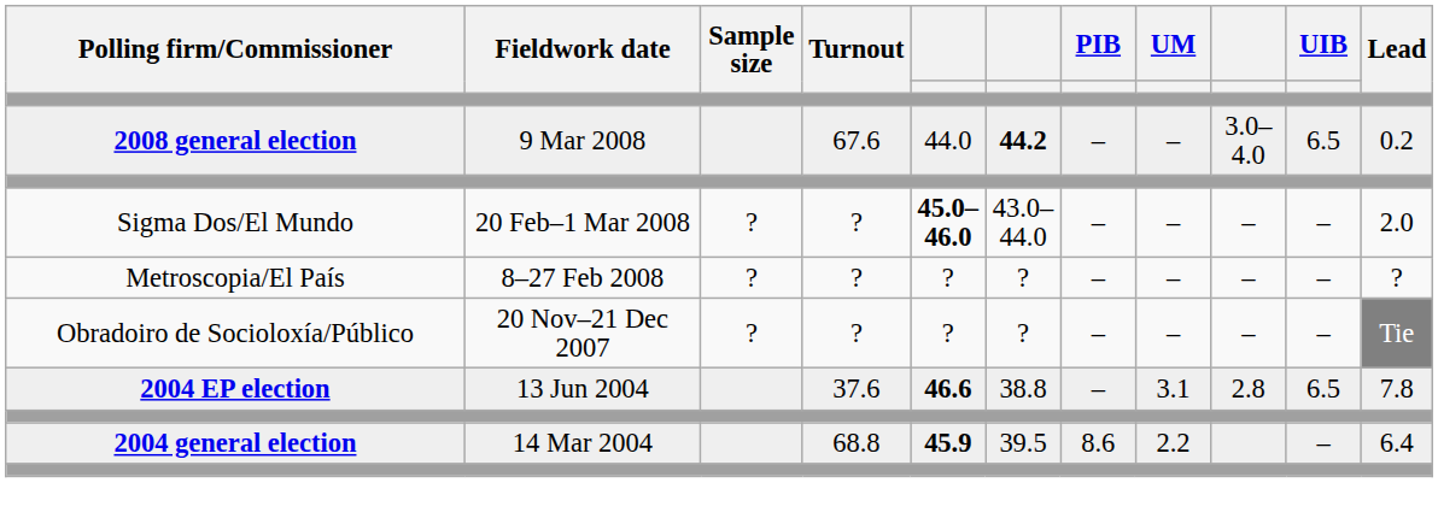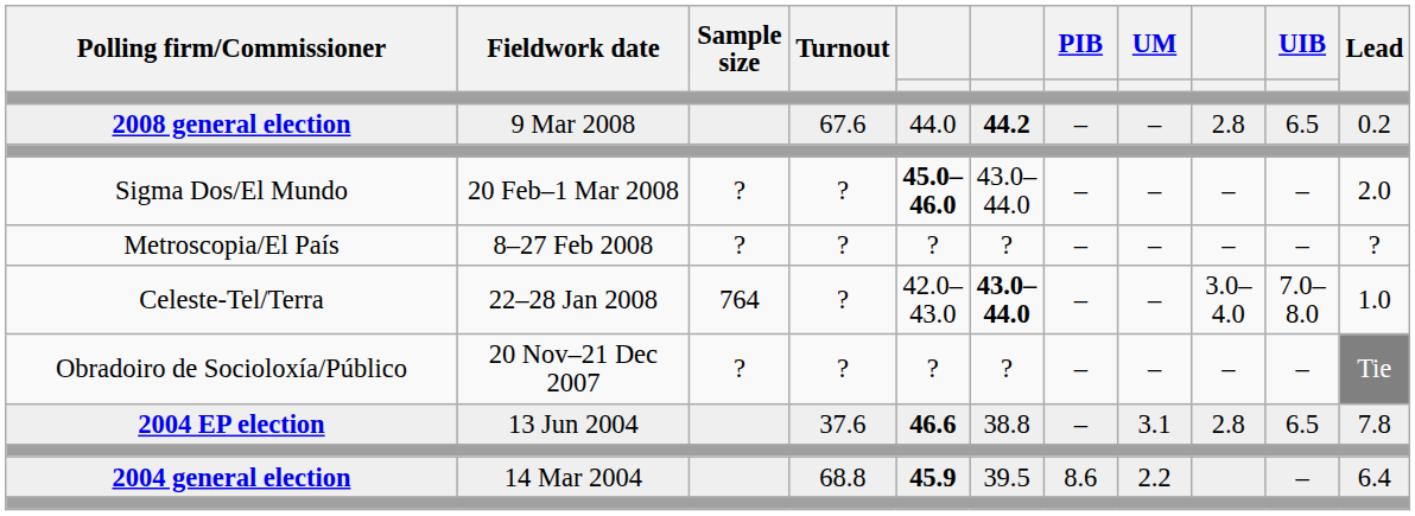 <table class="wikitable collapsible collapsed" style="text-align:center; font-size:95%; line-height:16px;">
 <tr style="height:42px;">
 <th style="width:250px;" rowspan="2">Polling firm/Commissioner</th>
 <th style="width:125px;" rowspan="2">Fieldwork date</th>
 <th style="width:50px;" rowspan="2">Sample size</th>
 <th style="width:45px;" rowspan="2">Turnout</th>
 <th style="width:35px;"></th>
 <th style="width:35px;"></th>
 <th style="width:35px;"><a href='#'>PIB</a></th>
 <th style="width:35px;"><a href='#'>UM</a></th>
 <th style="width:35px;"></th>
 <th style="width:35px;"><a href='#'>UIB</a></th>
 <th style="width:30px;" rowspan="2">Lead</th>
 </tr>
 <tr>
 <th style="color:inherit;background:"></th>
 <th style="color:inherit;background:"></th>
 <th style="color:inherit;background:"></th>
 <th style="color:inherit;background:"></th>
 <th style="color:inherit;background:"></th>
 <th style="color:inherit;background:"></th>
 </tr>
 <tr>
 <td colspan="11" style="background:#A0A0A0"></td>
 </tr>
 <tr style="background:#EFEFEF;">
 <td><strong><a href='#'>2008 general election</a></strong></td>
 <td>9 Mar 2008</td>
 <td></td>
 <td>67.6</td>
 <td>44.0<br></td>
 <td><strong>44.2</strong><br></td>
 <td>–</td>
 <td>–</td>
-<td>3.0–<br>4.0<br></td>
+<td>2.8<br></td>
 <td>6.5<br></td>
 <td style="background:">0.2</td>
 </tr>
 <tr>
 <td colspan="11" style="background:#A0A0A0"></td>
 </tr>
 <tr>
 <td>Sigma Dos/El Mundo</td>
 <td>20 Feb–1 Mar 2008</td>
 <td>?</td>
 <td>?</td>
 <td><strong>45.0–<br>46.0</strong><br></td>
 <td>43.0–<br>44.0<br></td>
 <td>–</td>
 <td>–</td>
 <td>–</td>
 <td>–</td>
 <td style="background:">2.0</td>
 </tr>
 <tr>
 <td>Metroscopia/El País</td>
 <td>8–27 Feb 2008</td>
 <td>?</td>
 <td>?</td>
 <td>?<br></td>
 <td>?<br></td>
 <td>–</td>
 <td>–</td>
 <td>–</td>
 <td>–</td>
 <td style="background:">?</td>
+</tr>
+<tr>
+<td>Celeste-Tel/Terra</td>
+<td>22–28 Jan 2008</td>
+<td>764</td>
+<td>?</td>
+<td>42.0–<br>43.0<br></td>
+<td><strong>43.0–<br>44.0</strong><br></td>
+<td>–</td>
+<td>–</td>
+<td>3.0–<br>4.0<br></td>
+<td>7.0–<br>8.0<br></td>
+<td style="background:">1.0</td>
 </tr>
 <tr>
 <td>Obradoiro de Socioloxía/Público</td>
 <td>20 Nov–21 Dec 2007</td>
 <td>?</td>
 <td>?</td>
 <td>?<br></td>
 <td>?<br></td>
 <td>–</td>
 <td>–</td>
 <td>–</td>
 <td>–</td>
 <td style="background:gray;color:white;">Tie</td>
 </tr>
 <tr style="background:#EFEFEF;">
 <td><strong><a href='#'>2004 EP election</a></strong></td>
 <td>13 Jun 2004</td>
 <td></td>
 <td>37.6</td>
 <td><strong>46.6</strong><br></td>
 <td>38.8<br></td>
 <td>–</td>
 <td>3.1<br></td>
 <td>2.8<br></td>
 <td>6.5<br></td>
 <td style="background:">7.8</td>
 </tr>
 <tr>
 <td colspan="11" style="background:#A0A0A0"></td>
 </tr>
 <tr style="background:#EFEFEF;">
 <td><strong><a href='#'>2004 general election</a></strong></td>
 <td>14 Mar 2004</td>
 <td></td>
 <td>68.8</td>
 <td><strong>45.9</strong><br></td>
 <td>39.5<br></td>
 <td>8.6<br></td>
 <td>2.2<br></td>
 <td></td>
 <td>–</td>
 <td style="background:">6.4</td>
 </tr>
 <tr>
 <td colspan="11" style="background:#A0A0A0"></td>
 </tr>
 </table>
